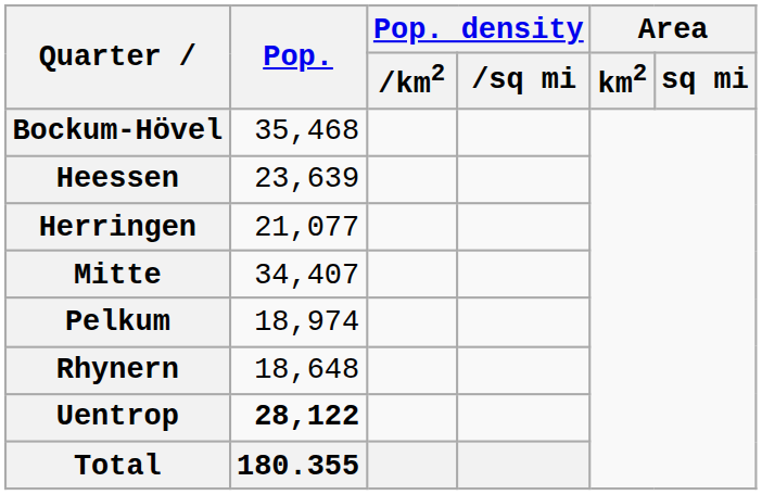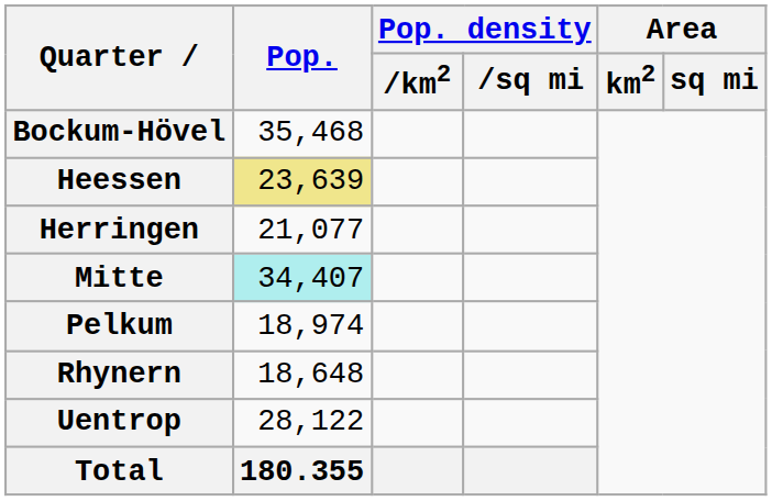 <table class="sortable wikitable">
 <tr>
 <th scope="col" rowspan="2">Quarter /<br><em></em></th>
 <th scope="col" rowspan="2"><a href='#'>Pop.</a></th>
 <th scope="col" colspan="2"><a href='#'>Pop. density</a></th>
 <th scope="col" colspan="2">Area</th>
 </tr>
 <tr>
 <th scope="col">/km<sup>2</sup></th>
 <th scope="col">/sq mi</th>
 <th scope="col">km<sup>2</sup></th>
 <th scope="col">sq mi</th>
 </tr>
 <tr style="text-align: right;">
 <th scope="row">Bockum-Hövel</th>
 <td>35,468</td>
 <td></td>
 <td></td>
 </tr>
 <tr style="text-align: right;">
 <th scope="row">Heessen</th>
-<td>23,639</td>
+<td style="background: khaki;">23,639</td>
 <td></td>
 <td></td>
 </tr>
 <tr style="text-align: right;">
 <th scope="row">Herringen</th>
 <td>21,077</td>
 <td></td>
 <td></td>
 </tr>
 <tr style="text-align: right;">
 <th scope="row">Mitte</th>
-<td>34,407</td>
+<td style="background: paleturquoise;">34,407</td>
 <td></td>
 <td></td>
 </tr>
 <tr style="text-align: right;">
 <th scope="row">Pelkum</th>
 <td>18,974</td>
 <td></td>
 <td></td>
 </tr>
 <tr style="text-align: right;">
 <th scope="row">Rhynern</th>
 <td>18,648</td>
 <td></td>
 <td></td>
 </tr>
 <tr style="text-align: right;">
 <th scope="row">Uentrop</th>
-<td><strong>28,122</strong></td>
+<td>28,122</td>
 <td></td>
 <td></td>
 </tr>
 <tr style="text-align: right; background-color: #f2f2f2; font-weight: bold;" class="sortbottom">
 <th scope="row">Total</th>
 <td>180.355</td>
 <td></td>
 <td></td>
 </tr>
 </table>
